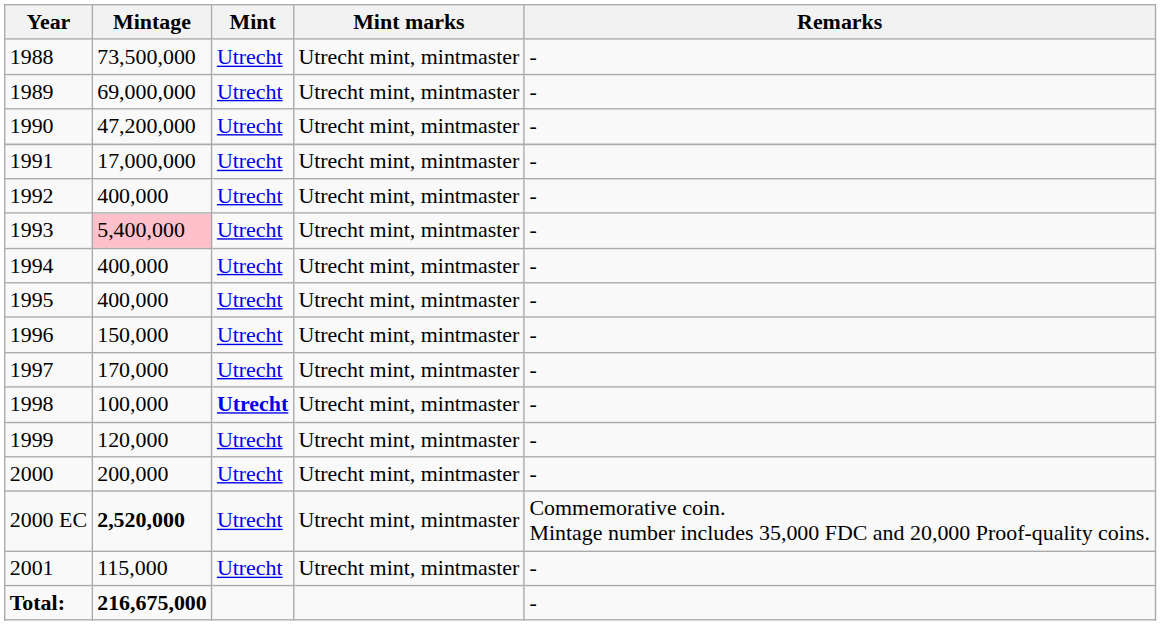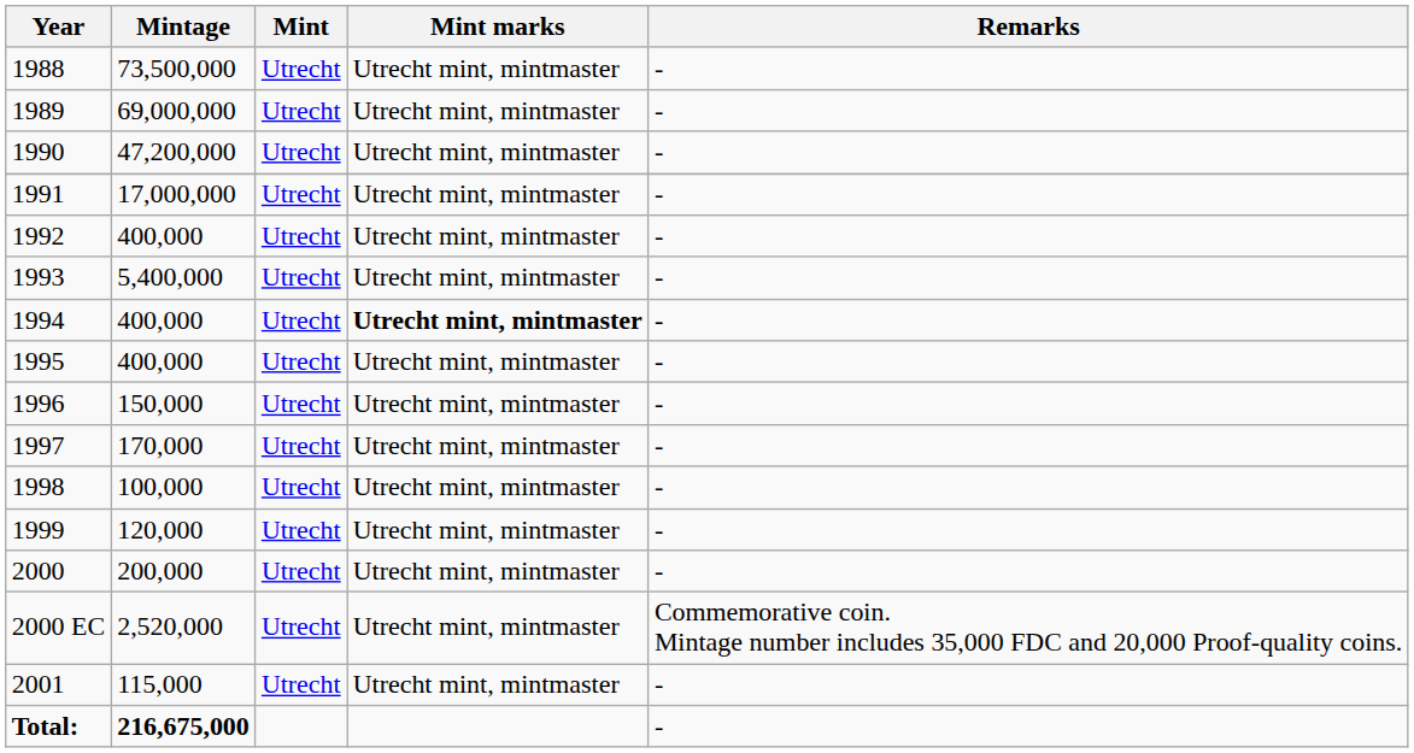 <table class="wikitable">
 <tr>
 <th>Year</th>
 <th>Mintage</th>
 <th>Mint</th>
 <th>Mint marks</th>
 <th>Remarks</th>
 </tr>
 <tr>
 <td>1988</td>
 <td>73,500,000</td>
 <td><a href='#'>Utrecht</a></td>
 <td>Utrecht mint, mintmaster</td>
 <td>-</td>
 </tr>
 <tr>
 <td>1989</td>
 <td>69,000,000</td>
 <td><a href='#'>Utrecht</a></td>
 <td>Utrecht mint, mintmaster</td>
 <td>-</td>
 </tr>
 <tr>
 <td>1990</td>
 <td>47,200,000</td>
 <td><a href='#'>Utrecht</a></td>
 <td>Utrecht mint, mintmaster</td>
 <td>-</td>
 </tr>
 <tr>
 </tr>
 <tr>
 <td>1991</td>
 <td>17,000,000</td>
 <td><a href='#'>Utrecht</a></td>
 <td>Utrecht mint, mintmaster</td>
 <td>-</td>
 </tr>
 <tr>
 <td>1992</td>
 <td>400,000</td>
 <td><a href='#'>Utrecht</a></td>
 <td>Utrecht mint, mintmaster</td>
 <td>-</td>
 </tr>
 <tr>
 <td>1993</td>
-<td style="background: pink;">5,400,000</td>
+<td>5,400,000</td>
 <td><a href='#'>Utrecht</a></td>
 <td>Utrecht mint, mintmaster</td>
 <td>-</td>
 </tr>
 <tr>
 <td>1994</td>
 <td>400,000</td>
 <td><a href='#'>Utrecht</a></td>
-<td>Utrecht mint, mintmaster</td>
+<td><strong>Utrecht mint, mintmaster</strong></td>
 <td>-</td>
 </tr>
 <tr>
 <td>1995</td>
 <td>400,000</td>
 <td><a href='#'>Utrecht</a></td>
 <td>Utrecht mint, mintmaster</td>
 <td>-</td>
 </tr>
 <tr>
 <td>1996</td>
 <td>150,000</td>
 <td><a href='#'>Utrecht</a></td>
 <td>Utrecht mint, mintmaster</td>
 <td>-</td>
 </tr>
 <tr>
 <td>1997</td>
 <td>170,000</td>
 <td><a href='#'>Utrecht</a></td>
 <td>Utrecht mint, mintmaster</td>
 <td>-</td>
 </tr>
 <tr>
 <td>1998</td>
 <td>100,000</td>
-<td><strong><a href='#'>Utrecht</a></strong></td>
+<td><a href='#'>Utrecht</a></td>
 <td>Utrecht mint, mintmaster</td>
 <td>-</td>
 </tr>
 <tr>
 <td>1999</td>
 <td>120,000</td>
 <td><a href='#'>Utrecht</a></td>
 <td>Utrecht mint, mintmaster</td>
 <td>-</td>
 </tr>
 <tr>
 <td>2000</td>
 <td>200,000</td>
 <td><a href='#'>Utrecht</a></td>
 <td>Utrecht mint, mintmaster</td>
 <td>-</td>
 </tr>
 <tr>
 <td>2000 EC</td>
-<td><strong>2,520,000</strong></td>
+<td>2,520,000</td>
 <td><a href='#'>Utrecht</a></td>
 <td>Utrecht mint, mintmaster</td>
 <td>Commemorative coin.<br> Mintage number includes 35,000 FDC and 20,000 Proof-quality coins.</td>
 </tr>
 <tr>
 <td>2001</td>
 <td>115,000</td>
 <td><a href='#'>Utrecht</a></td>
 <td>Utrecht mint, mintmaster</td>
 <td>-</td>
 </tr>
 <tr>
 <td><strong>Total:</strong></td>
 <td><strong>216,675,000</strong></td>
 <td></td>
 <td></td>
 <td>-</td>
 </tr>
 </table>
